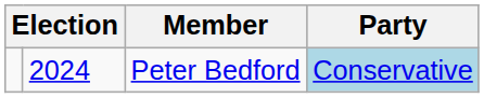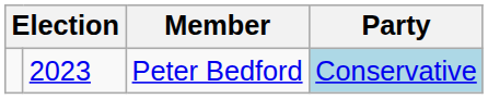 <table class="wikitable">
 <tr>
 <th colspan="2">Election</th>
 <th>Member</th>
 <th>Party</th>
 </tr>
 <tr>
 <td style="color:inherit;background-color: "></td>
-<td><a href='#'>2024</a></td>
+<td><a href='#'>2023</a></td>
 <td><a href='#'>Peter Bedford</a></td>
 <td style="background: lightblue;"><a href='#'>Conservative</a></td>
 </tr>
 </table>
